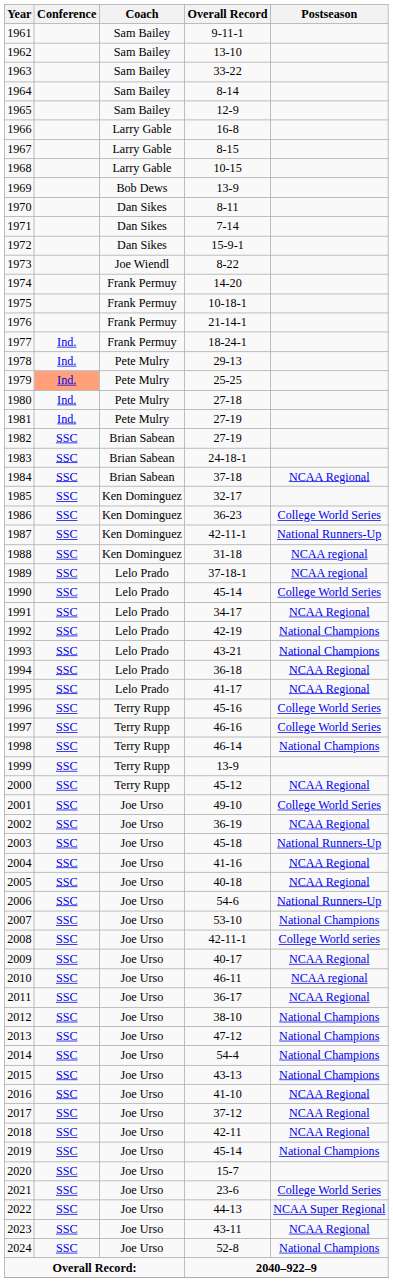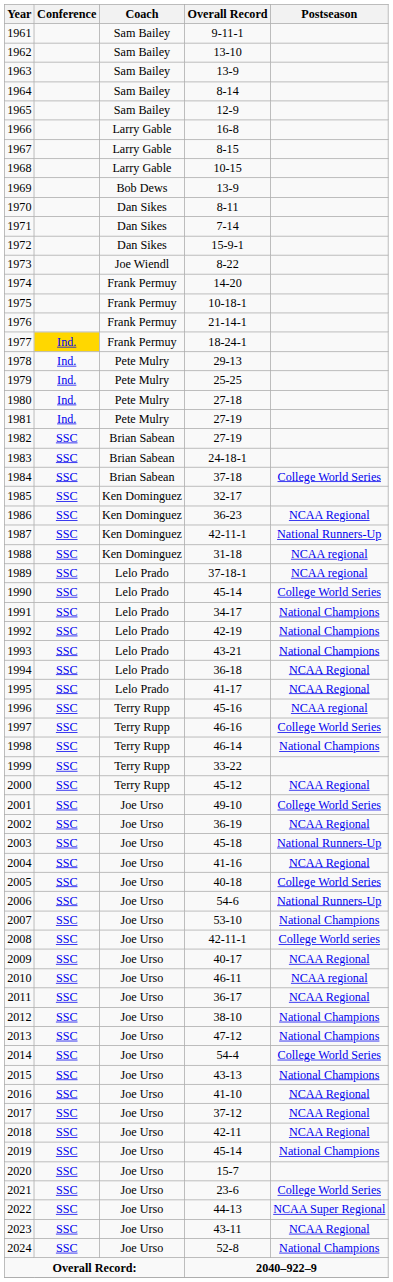 <table class="wikitable" style="text-align:center">
 <tr>
 <th>Year</th>
 <th>Conference</th>
 <th>Coach</th>
 <th>Overall Record</th>
 <th>Postseason</th>
 </tr>
 <tr align="center">
 <td>1961</td>
 <td></td>
 <td>Sam Bailey</td>
 <td>9-11-1</td>
 <td></td>
 </tr>
 <tr align="center">
 <td>1962</td>
 <td></td>
 <td>Sam Bailey</td>
 <td>13-10</td>
 <td></td>
 </tr>
 <tr align="center">
 <td>1963</td>
 <td></td>
 <td>Sam Bailey</td>
-<td>33-22</td>
+<td>13-9</td>
 <td></td>
 </tr>
 <tr align="center">
 <td>1964</td>
 <td></td>
 <td>Sam Bailey</td>
 <td>8-14</td>
 <td></td>
 </tr>
 <tr align="center">
 <td>1965</td>
 <td></td>
 <td>Sam Bailey</td>
 <td>12-9</td>
 <td></td>
 </tr>
 <tr align="center">
 <td>1966</td>
 <td></td>
 <td>Larry Gable</td>
 <td>16-8</td>
 <td></td>
 </tr>
 <tr align="center">
 <td>1967</td>
 <td></td>
 <td>Larry Gable</td>
 <td>8-15</td>
 <td></td>
 </tr>
 <tr align="center">
 <td>1968</td>
 <td></td>
 <td>Larry Gable</td>
 <td>10-15</td>
 <td></td>
 </tr>
 <tr align="center">
 <td>1969</td>
 <td></td>
 <td>Bob Dews</td>
 <td>13-9</td>
 <td></td>
 </tr>
 <tr align="center">
 <td>1970</td>
 <td></td>
 <td>Dan Sikes</td>
 <td>8-11</td>
 <td></td>
 </tr>
 <tr align="center">
 <td>1971</td>
 <td></td>
 <td>Dan Sikes</td>
 <td>7-14</td>
 <td></td>
 </tr>
 <tr align="center">
 <td>1972</td>
 <td></td>
 <td>Dan Sikes</td>
 <td>15-9-1</td>
 <td></td>
 </tr>
 <tr align="center">
 <td>1973</td>
 <td></td>
 <td>Joe Wiendl</td>
 <td>8-22</td>
 <td></td>
 </tr>
 <tr align="center">
 <td>1974</td>
 <td></td>
 <td>Frank Permuy</td>
 <td>14-20</td>
 <td></td>
 </tr>
 <tr align="center">
 <td>1975</td>
 <td></td>
 <td>Frank Permuy</td>
 <td>10-18-1</td>
 <td></td>
 </tr>
 <tr align="center">
 <td>1976</td>
 <td></td>
 <td>Frank Permuy</td>
 <td>21-14-1</td>
 <td></td>
 </tr>
 <tr align="center">
 <td>1977</td>
-<td><a href='#'>Ind.</a></td>
+<td style="background: gold;"><a href='#'>Ind.</a></td>
 <td>Frank Permuy</td>
 <td>18-24-1</td>
 <td></td>
 </tr>
 <tr align="center">
 <td>1978</td>
 <td><a href='#'>Ind.</a></td>
 <td>Pete Mulry</td>
 <td>29-13</td>
 <td></td>
 </tr>
 <tr align="center">
 <td>1979</td>
-<td style="background: lightsalmon;"><a href='#'>Ind.</a></td>
+<td><a href='#'>Ind.</a></td>
 <td>Pete Mulry</td>
 <td>25-25</td>
 <td></td>
 </tr>
 <tr align="center">
 <td>1980</td>
 <td><a href='#'>Ind.</a></td>
 <td>Pete Mulry</td>
 <td>27-18</td>
 <td></td>
 </tr>
 <tr align="center">
 <td>1981</td>
 <td><a href='#'>Ind.</a></td>
 <td>Pete Mulry</td>
 <td>27-19</td>
 <td></td>
 </tr>
 <tr align="center">
 <td>1982</td>
 <td><a href='#'>SSC</a></td>
 <td>Brian Sabean</td>
 <td>27-19</td>
 <td></td>
 </tr>
 <tr align="center">
 <td>1983</td>
 <td><a href='#'>SSC</a></td>
 <td>Brian Sabean</td>
 <td>24-18-1</td>
 <td></td>
 </tr>
 <tr align="center">
 <td>1984</td>
 <td><a href='#'>SSC</a></td>
 <td>Brian Sabean</td>
 <td>37-18</td>
-<td><a href='#'>NCAA Regional</a></td>
+<td><a href='#'>College World Series</a></td>
 </tr>
 <tr align="center">
 <td>1985</td>
 <td><a href='#'>SSC</a></td>
 <td>Ken Dominguez</td>
 <td>32-17</td>
 <td></td>
 </tr>
 <tr align="center">
 <td>1986</td>
 <td><a href='#'>SSC</a></td>
 <td>Ken Dominguez</td>
 <td>36-23</td>
-<td><a href='#'>College World Series</a></td>
+<td><a href='#'>NCAA Regional</a></td>
 </tr>
 <tr align="center">
 <td>1987</td>
 <td><a href='#'>SSC</a></td>
 <td>Ken Dominguez</td>
 <td>42-11-1</td>
 <td><a href='#'>National Runners-Up</a></td>
 </tr>
 <tr align="center">
 <td>1988</td>
 <td><a href='#'>SSC</a></td>
 <td>Ken Dominguez</td>
 <td>31-18</td>
 <td><a href='#'>NCAA regional</a></td>
 </tr>
 <tr align="center">
 <td>1989</td>
 <td><a href='#'>SSC</a></td>
 <td>Lelo Prado</td>
 <td>37-18-1</td>
 <td><a href='#'>NCAA regional</a></td>
 </tr>
 <tr align="center">
 <td>1990</td>
 <td><a href='#'>SSC</a></td>
 <td>Lelo Prado</td>
 <td>45-14</td>
 <td><a href='#'>College World Series</a></td>
 </tr>
 <tr align="center">
 <td>1991</td>
 <td><a href='#'>SSC</a></td>
 <td>Lelo Prado</td>
 <td>34-17</td>
-<td><a href='#'>NCAA Regional</a></td>
+<td><a href='#'>National Champions</a></td>
 </tr>
 <tr align="center">
 <td>1992</td>
 <td><a href='#'>SSC</a></td>
 <td>Lelo Prado</td>
 <td>42-19</td>
 <td><a href='#'>National Champions</a></td>
 </tr>
 <tr align="center">
 <td>1993</td>
 <td><a href='#'>SSC</a></td>
 <td>Lelo Prado</td>
 <td>43-21</td>
 <td><a href='#'>National Champions</a></td>
 </tr>
 <tr align="center">
 <td>1994</td>
 <td><a href='#'>SSC</a></td>
 <td>Lelo Prado</td>
 <td>36-18</td>
 <td><a href='#'>NCAA Regional</a></td>
 </tr>
 <tr align="center">
 <td>1995</td>
 <td><a href='#'>SSC</a></td>
 <td>Lelo Prado</td>
 <td>41-17</td>
 <td><a href='#'>NCAA Regional</a></td>
 </tr>
 <tr align="center">
 <td>1996</td>
 <td><a href='#'>SSC</a></td>
 <td>Terry Rupp</td>
 <td>45-16</td>
-<td><a href='#'>College World Series</a></td>
+<td><a href='#'>NCAA regional</a></td>
 </tr>
 <tr align="center">
 <td>1997</td>
 <td><a href='#'>SSC</a></td>
 <td>Terry Rupp</td>
 <td>46-16</td>
 <td><a href='#'>College World Series</a></td>
 </tr>
 <tr align="center">
 <td>1998</td>
 <td><a href='#'>SSC</a></td>
 <td>Terry Rupp</td>
 <td>46-14</td>
 <td><a href='#'>National Champions</a></td>
 </tr>
 <tr align="center">
 <td>1999</td>
 <td><a href='#'>SSC</a></td>
 <td>Terry Rupp</td>
-<td>13-9</td>
+<td>33-22</td>
 <td></td>
 </tr>
 <tr align="center">
 <td>2000</td>
 <td><a href='#'>SSC</a></td>
 <td>Terry Rupp</td>
 <td>45-12</td>
 <td><a href='#'>NCAA Regional</a></td>
 </tr>
 <tr align="center">
 <td>2001</td>
 <td><a href='#'>SSC</a></td>
 <td>Joe Urso</td>
 <td>49-10</td>
 <td><a href='#'>College World Series</a></td>
 </tr>
 <tr align="center">
 <td>2002</td>
 <td><a href='#'>SSC</a></td>
 <td>Joe Urso</td>
 <td>36-19</td>
 <td><a href='#'>NCAA Regional</a></td>
 </tr>
 <tr align="center">
 <td>2003</td>
 <td><a href='#'>SSC</a></td>
 <td>Joe Urso</td>
 <td>45-18</td>
 <td><a href='#'>National Runners-Up</a></td>
 </tr>
 <tr align="center">
 <td>2004</td>
 <td><a href='#'>SSC</a></td>
 <td>Joe Urso</td>
 <td>41-16</td>
 <td><a href='#'>NCAA Regional</a></td>
 </tr>
 <tr align="center">
 <td>2005</td>
 <td><a href='#'>SSC</a></td>
 <td>Joe Urso</td>
 <td>40-18</td>
-<td><a href='#'>NCAA Regional</a></td>
+<td><a href='#'>College World Series</a></td>
 </tr>
 <tr align="center">
 <td>2006</td>
 <td><a href='#'>SSC</a></td>
 <td>Joe Urso</td>
 <td>54-6</td>
 <td><a href='#'>National Runners-Up</a></td>
 </tr>
 <tr align="center">
 <td>2007</td>
 <td><a href='#'>SSC</a></td>
 <td>Joe Urso</td>
 <td>53-10</td>
 <td><a href='#'>National Champions</a></td>
 </tr>
 <tr align="center">
 <td>2008</td>
 <td><a href='#'>SSC</a></td>
 <td>Joe Urso</td>
 <td>42-11-1</td>
 <td><a href='#'>College World series</a></td>
 </tr>
 <tr align="center">
 <td>2009</td>
 <td><a href='#'>SSC</a></td>
 <td>Joe Urso</td>
 <td>40-17</td>
 <td><a href='#'>NCAA Regional</a></td>
 </tr>
 <tr align="center">
 <td>2010</td>
 <td><a href='#'>SSC</a></td>
 <td>Joe Urso</td>
 <td>46-11</td>
 <td><a href='#'>NCAA regional</a></td>
 </tr>
 <tr align="center">
 <td>2011</td>
 <td><a href='#'>SSC</a></td>
 <td>Joe Urso</td>
 <td>36-17</td>
 <td><a href='#'>NCAA Regional</a></td>
 </tr>
 <tr align="center">
 <td>2012</td>
 <td><a href='#'>SSC</a></td>
 <td>Joe Urso</td>
 <td>38-10</td>
 <td><a href='#'>National Champions</a></td>
 </tr>
 <tr align="center">
 <td>2013</td>
 <td><a href='#'>SSC</a></td>
 <td>Joe Urso</td>
 <td>47-12</td>
 <td><a href='#'>National Champions</a></td>
 </tr>
 <tr align="center">
 <td>2014</td>
 <td><a href='#'>SSC</a></td>
 <td>Joe Urso</td>
 <td>54-4</td>
-<td><a href='#'>National Champions</a></td>
+<td><a href='#'>College World Series</a></td>
 </tr>
 <tr align="center">
 <td>2015</td>
 <td><a href='#'>SSC</a></td>
 <td>Joe Urso</td>
 <td>43-13</td>
 <td><a href='#'>National Champions</a></td>
 </tr>
 <tr align="center">
 <td>2016</td>
 <td><a href='#'>SSC</a></td>
 <td>Joe Urso</td>
 <td>41-10</td>
 <td><a href='#'>NCAA Regional</a></td>
 </tr>
 <tr align="center">
 <td>2017</td>
 <td><a href='#'>SSC</a></td>
 <td>Joe Urso</td>
 <td>37-12</td>
 <td><a href='#'>NCAA Regional</a></td>
 </tr>
 <tr align="center">
 <td>2018</td>
 <td><a href='#'>SSC</a></td>
 <td>Joe Urso</td>
 <td>42-11</td>
 <td><a href='#'>NCAA Regional</a></td>
 </tr>
 <tr align="center">
 <td>2019</td>
 <td><a href='#'>SSC</a></td>
 <td>Joe Urso</td>
 <td>45-14</td>
 <td><a href='#'>National Champions</a></td>
 </tr>
 <tr align="center">
 <td>2020</td>
 <td><a href='#'>SSC</a></td>
 <td>Joe Urso</td>
 <td>15-7</td>
 <td></td>
 </tr>
 <tr align="center">
 <td>2021</td>
 <td><a href='#'>SSC</a></td>
 <td>Joe Urso</td>
 <td>23-6</td>
 <td><a href='#'>College World Series</a></td>
 </tr>
 <tr align="center">
 <td>2022</td>
 <td><a href='#'>SSC</a></td>
 <td>Joe Urso</td>
 <td>44-13</td>
 <td><a href='#'>NCAA Super Regional</a></td>
 </tr>
 <tr align="center">
 <td>2023</td>
 <td><a href='#'>SSC</a></td>
 <td>Joe Urso</td>
 <td>43-11</td>
 <td><a href='#'>NCAA Regional</a></td>
 </tr>
 <tr align="center">
 <td>2024</td>
 <td><a href='#'>SSC</a></td>
 <td>Joe Urso</td>
 <td>52-8</td>
 <td><a href='#'>National Champions</a></td>
 </tr>
 <tr align="center">
 <td colspan=3><strong>Overall Record:</strong></td>
 <td colspan=2><strong>2040–922–9</strong></td>
 </tr>
 <tr>
 </tr>
 </table>
